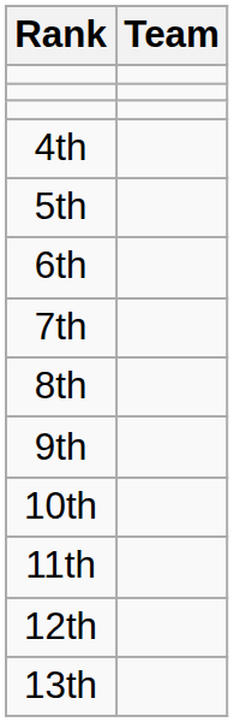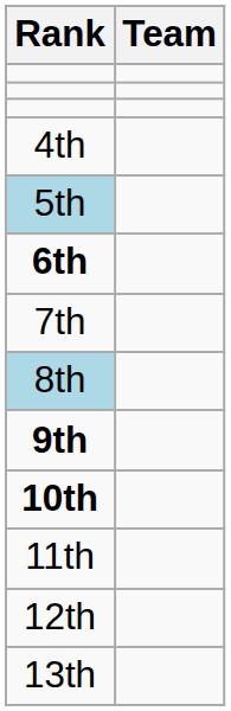 <table class=wikitable style="text-align:center;">
 <tr>
 <th>Rank</th>
 <th>Team</th>
 </tr>
 <tr>
 <td></td>
 <td align=left></td>
 </tr>
 <tr>
 <td></td>
 <td align=left></td>
 </tr>
 <tr>
 <td></td>
 <td align=left></td>
 </tr>
 <tr>
 <td>4th</td>
 <td align=left></td>
 </tr>
 <tr>
-<td>5th</td>
+<td style="background: lightblue;">5th</td>
 <td align=left></td>
 </tr>
 <tr>
-<td>6th</td>
+<td><strong>6th</strong></td>
 <td align=left></td>
 </tr>
 <tr>
 <td>7th</td>
 <td align=left></td>
 </tr>
 <tr>
-<td>8th</td>
+<td style="background: lightblue;">8th</td>
 <td align=left></td>
 </tr>
 <tr>
-<td>9th</td>
+<td><strong>9th</strong></td>
 <td align=left></td>
 </tr>
 <tr>
-<td>10th</td>
+<td><strong>10th</strong></td>
 <td align=left></td>
 </tr>
 <tr>
 <td>11th</td>
 <td align=left></td>
 </tr>
 <tr>
 <td>12th</td>
 <td align=left></td>
 </tr>
 <tr>
 <td>13th</td>
 <td align=left></td>
 </tr>
 </table>
